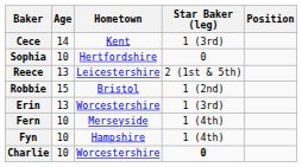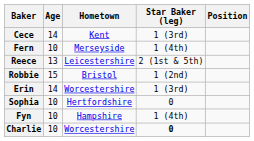 <table class="wikitable sortable" style="display:inline-table; text-align:center">
 <tr>
 <th scope="col">Baker</th>
 <th scope="col">Age</th>
 <th scope="col">Hometown</th>
 <th scope="col">Star Baker<br>(leg)</th>
 <th scope="col">Position</th>
 </tr>
 <tr>
 <th scope="row">Cece</th>
 <td>14</td>
 <td><a href='#'>Kent</a></td>
 <td>1 (3rd)</td>
 <td></td>
 </tr>
 <tr>
-<th scope="row">Sophia</th>
+<th scope="row">Fern</th>
 <td>10</td>
-<td><a href='#'>Hertfordshire</a></td>
-<td>0</td>
+<td><a href='#'>Merseyside</a></td>
+<td>1 (4th)</td>
 <td></td>
 </tr>
 <tr>
 <th scope="row">Reece</th>
 <td>13</td>
 <td><a href='#'>Leicestershire</a></td>
 <td>2 (1st & 5th)</td>
 <td></td>
 </tr>
 <tr>
 <th scope="row">Robbie</th>
 <td>15</td>
 <td><a href='#'>Bristol</a></td>
 <td>1 (2nd)</td>
 <td></td>
 </tr>
 <tr>
 <th scope="row">Erin</th>
-<td>13</td>
+<td>14</td>
 <td><a href='#'>Worcestershire</a></td>
 <td>1 (3rd)</td>
 <td></td>
 </tr>
 <tr>
-<th scope="row">Fern</th>
+<th scope="row">Sophia</th>
 <td>10</td>
-<td><a href='#'>Merseyside</a></td>
-<td>1 (4th)</td>
+<td><a href='#'>Hertfordshire</a></td>
+<td>0</td>
 <td></td>
 </tr>
 <tr>
 <th scope="row">Fyn</th>
 <td>10</td>
 <td><a href='#'>Hampshire</a></td>
 <td>1 (4th)</td>
 <td></td>
 </tr>
 <tr>
 <th scope="row">Charlie</th>
 <td>10</td>
 <td><a href='#'>Worcestershire</a></td>
 <td><strong>0</strong></td>
 <td></td>
 </tr>
 </table>
